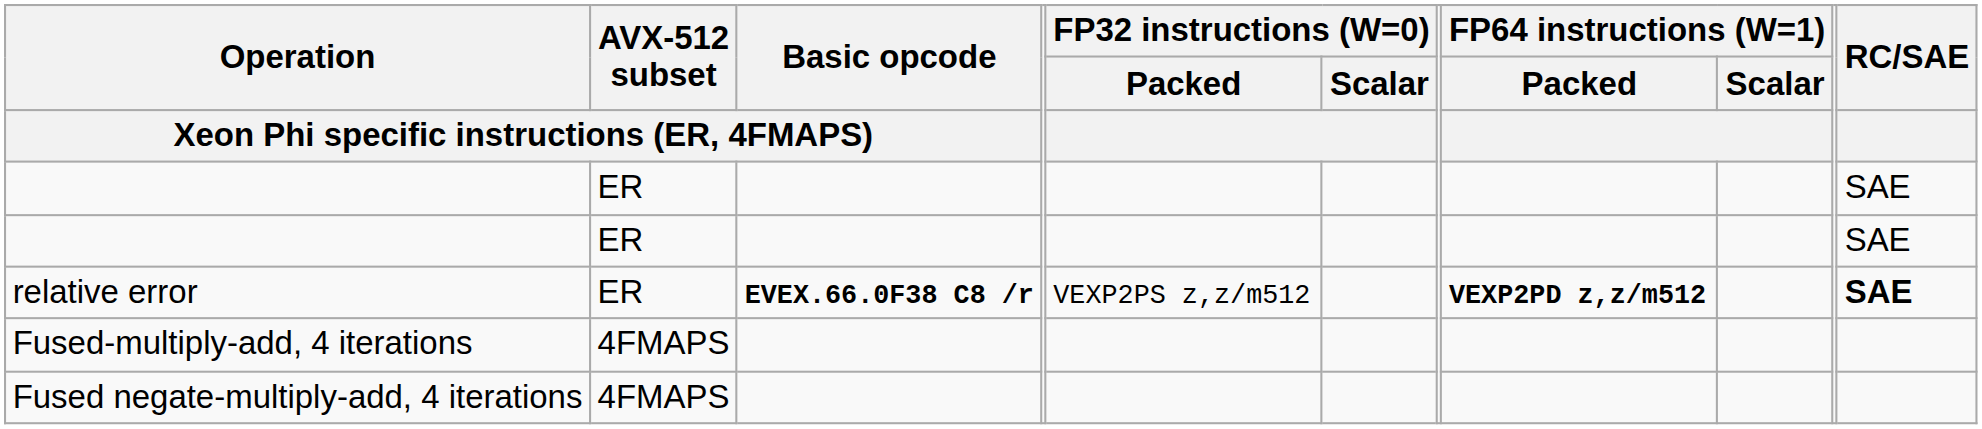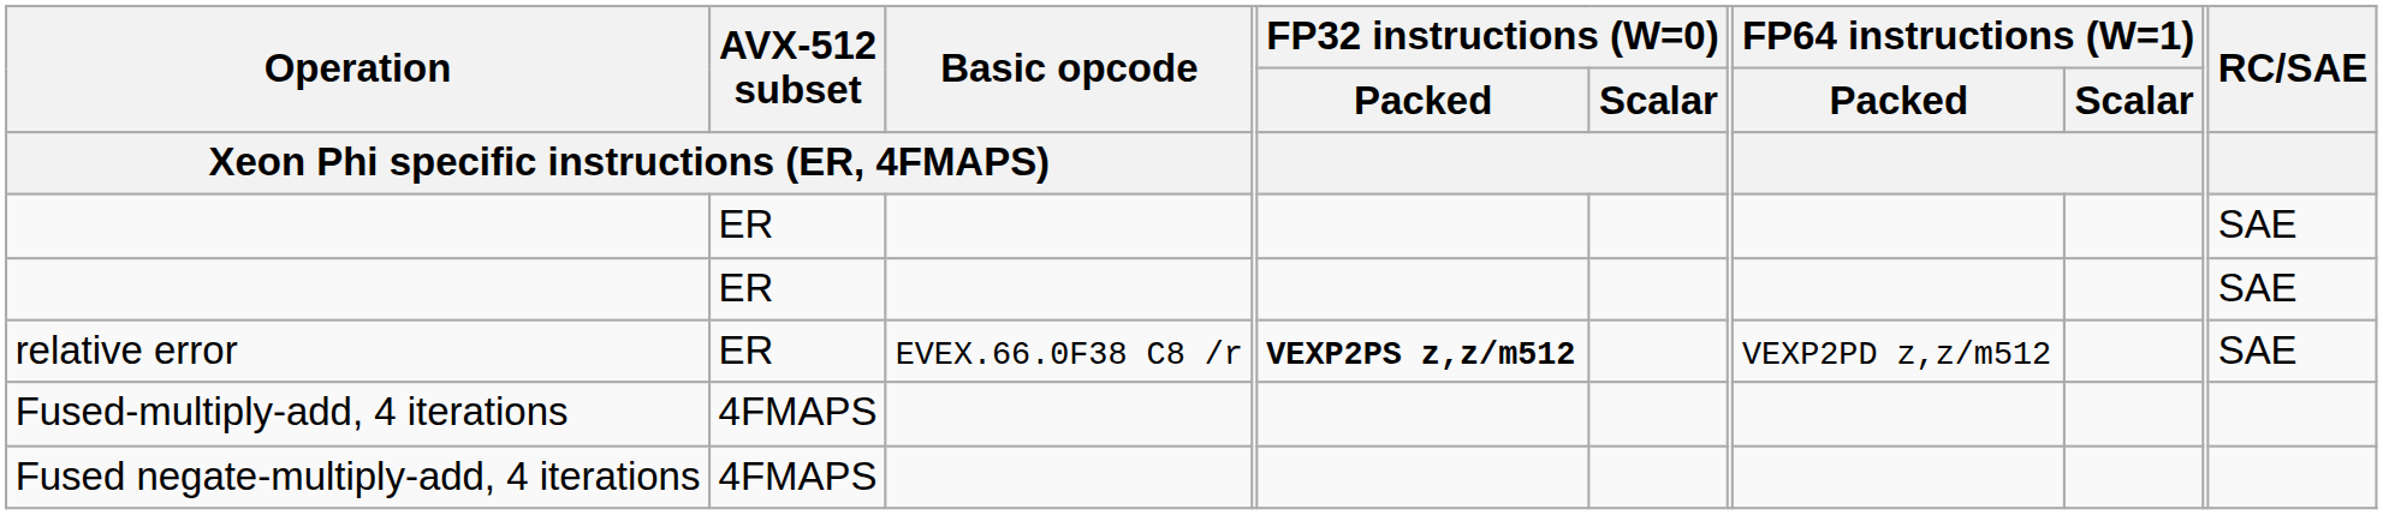 <table class="wikitable">
 <tr>
 <th rowspan="2">Operation</th>
 <th rowspan="2">AVX-512<br>subset</th>
 <th rowspan="2">Basic opcode</th>
 <td scope="col" style="width: 1px; border-spacing:0; padding:0px" rowspan="8"></td>
 <th colspan="2">FP32 instructions (W=0)</th>
 <td scope="col" style="width: 1px; border-spacing:0; padding:0px" rowspan="8"></td>
 <th colspan="2">FP64 instructions (W=1)</th>
 <td scope="col" style="width: 1px; border-spacing:0; padding:0px" rowspan="8"></td>
 <th rowspan="2">RC/SAE</th>
 </tr>
 <tr>
 <th>Packed</th>
 <th>Scalar</th>
 <th>Packed</th>
 <th>Scalar</th>
 </tr>
 <tr>
 <th colspan="3">Xeon Phi specific instructions (ER, 4FMAPS)</th>
 <th colspan="2"></th>
 <th colspan="2"></th>
 <th></th>
 </tr>
 <tr>
 <td></td>
 <td>ER</td>
 <td></td>
 <td></td>
 <td></td>
 <td></td>
 <td></td>
 <td>SAE</td>
 </tr>
 <tr>
 <td></td>
 <td>ER</td>
 <td></td>
 <td></td>
 <td></td>
 <td></td>
 <td></td>
 <td>SAE</td>
 </tr>
 <tr>
 <td> relative error</td>
 <td>ER</td>
-<td><strong><code>EVEX.66.0F38 C8 /r</code></strong></td>
-<td><code>VEXP2PS z,z/m512</code></td>
+<td><code>EVEX.66.0F38 C8 /r</code></td>
+<td><strong><code>VEXP2PS z,z/m512</code></strong></td>
 <td></td>
-<td><strong><code>VEXP2PD z,z/m512</code></strong></td>
+<td><code>VEXP2PD z,z/m512</code></td>
 <td></td>
-<td><strong>SAE</strong></td>
+<td>SAE</td>
 </tr>
 <tr>
 <td>Fused-multiply-add, 4 iterations</td>
 <td>4FMAPS</td>
 <td></td>
 <td></td>
 <td></td>
 <td></td>
 <td></td>
 <td></td>
 </tr>
 <tr>
 <td>Fused negate-multiply-add, 4 iterations</td>
 <td>4FMAPS</td>
 <td></td>
 <td></td>
 <td></td>
 <td></td>
 <td></td>
 <td></td>
 </tr>
 </table>
